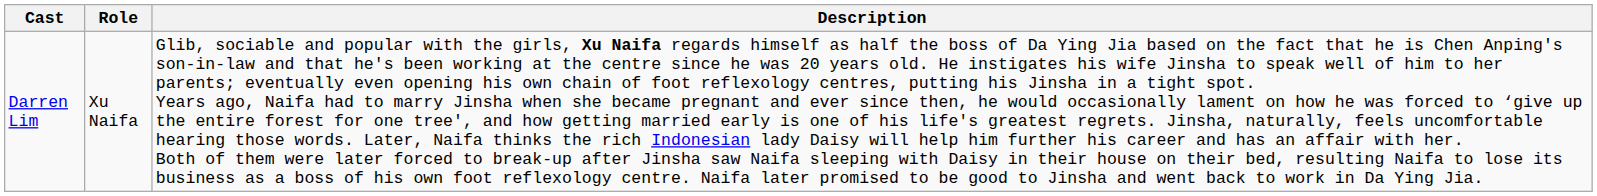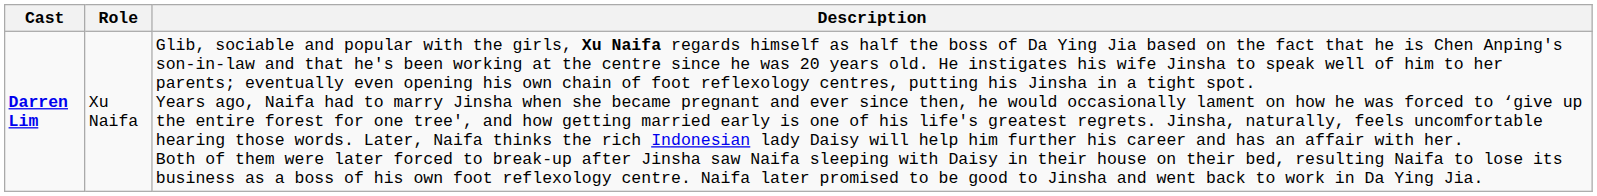 <table class="wikitable">
 <tr>
 <th>Cast</th>
 <th>Role</th>
 <th>Description</th>
 </tr>
 <tr>
-<td><a href='#'>Darren Lim</a></td>
+<td><strong><a href='#'>Darren Lim</a></strong></td>
 <td>Xu Naifa</td>
 <td>Glib, sociable and popular with the girls, <strong>Xu Naifa</strong> regards himself as half the boss of Da Ying Jia based on the fact that he is Chen Anping's son-in-law and that he's been working at the centre since he was 20 years old. He instigates his wife Jinsha to speak well of him to her parents; eventually even opening his own chain of foot reflexology centres, putting his Jinsha in a tight spot.<br>Years ago, Naifa had to marry Jinsha when she became pregnant and ever since then, he would occasionally lament on how he was forced to ‘give up the entire forest for one tree', and how getting married early is one of his life's greatest regrets. Jinsha, naturally, feels uncomfortable hearing those words. Later, Naifa thinks the rich <a href='#'>Indonesian</a> lady Daisy will help him further his career and has an affair with her.<br>Both of them were later forced to break-up after Jinsha saw Naifa sleeping with Daisy in their house on their bed, resulting Naifa to lose its business as a boss of his own foot reflexology centre. Naifa later promised to be good to Jinsha and went back to work in Da Ying Jia.</td>
 </tr>
 </table>
